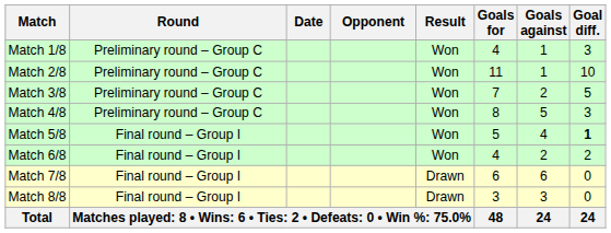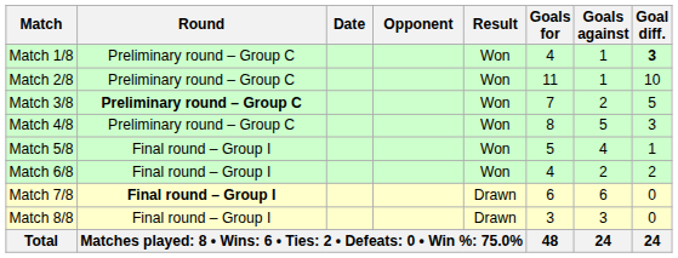 <table class="wikitable sortable" style="text-align: center; font-size: 85%; margin-left: 1em;">
 <tr>
 <th>Match</th>
 <th>Round</th>
 <th>Date</th>
 <th>Opponent</th>
 <th>Result</th>
 <th>Goals<br>for</th>
 <th>Goals<br>against</th>
 <th>Goal<br>diff.</th>
 </tr>
 <tr style="background-color: #ccffcc;">
 <td>Match 1/8</td>
 <td>Preliminary round – Group C</td>
 <td style="text-align: right;"></td>
 <td style="text-align: left;"></td>
 <td>Won</td>
 <td>4</td>
 <td>1</td>
-<td>3</td>
+<td><strong>3</strong></td>
 </tr>
 <tr style="background-color: #ccffcc;">
 <td>Match 2/8</td>
 <td>Preliminary round – Group C</td>
 <td style="text-align: right;"></td>
 <td style="text-align: left;"></td>
 <td>Won</td>
 <td>11</td>
 <td>1</td>
 <td>10</td>
 </tr>
 <tr style="background-color: #ccffcc;">
 <td>Match 3/8</td>
-<td>Preliminary round – Group C</td>
+<td><strong>Preliminary round – Group C</strong></td>
 <td style="text-align: right;"></td>
 <td style="text-align: left;"></td>
 <td>Won</td>
 <td>7</td>
 <td>2</td>
 <td>5</td>
 </tr>
 <tr style="background-color: #ccffcc;">
 <td>Match 4/8</td>
 <td>Preliminary round – Group C</td>
 <td style="text-align: right;"></td>
 <td style="text-align: left;"></td>
 <td>Won</td>
 <td>8</td>
 <td>5</td>
 <td>3</td>
 </tr>
 <tr style="background-color: #ccffcc;">
 <td>Match 5/8</td>
 <td>Final round – Group I</td>
 <td style="text-align: right;"></td>
 <td style="text-align: left;"></td>
 <td>Won</td>
 <td>5</td>
 <td>4</td>
-<td><strong>1</strong></td>
+<td>1</td>
 </tr>
 <tr style="background-color: #ccffcc;">
 <td>Match 6/8</td>
 <td>Final round – Group I</td>
 <td style="text-align: right;"></td>
 <td style="text-align: left;"></td>
 <td>Won</td>
 <td>4</td>
 <td>2</td>
 <td>2</td>
 </tr>
 <tr style="background-color: #ffffcc;">
 <td>Match 7/8</td>
-<td>Final round – Group I</td>
+<td><strong>Final round – Group I</strong></td>
 <td style="text-align: right;"></td>
 <td style="text-align: left;"></td>
 <td>Drawn</td>
 <td>6</td>
 <td>6</td>
 <td>0</td>
 </tr>
 <tr style="background-color: #ffffcc;">
 <td>Match 8/8</td>
 <td>Final round – Group I</td>
 <td style="text-align: right;"></td>
 <td style="text-align: left;"></td>
 <td>Drawn</td>
 <td>3</td>
 <td>3</td>
 <td>0</td>
 </tr>
 <tr>
 <th>Total</th>
 <th colspan="4">Matches played: 8 • Wins: 6 • Ties: 2 • Defeats: 0 • Win %: 75.0%</th>
 <th>48</th>
 <th>24</th>
 <th>24</th>
 </tr>
 </table>
